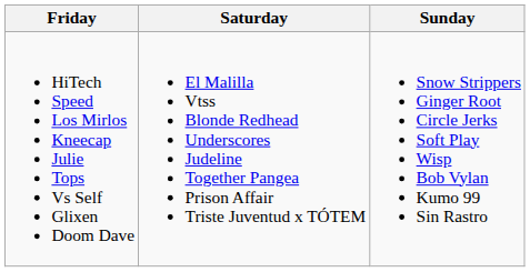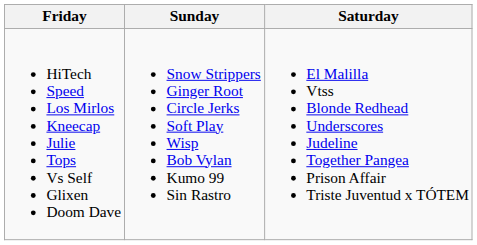 <table class="wikitable">
 <tr>
 <th>Friday</th>
+<th>Sunday</th>
 <th>Saturday</th>
-<th>Sunday</th>
 </tr>
 <tr valign="top">
 <td><br><ul><li>HiTech</li><li><a href='#'>Speed</a></li><li><a href='#'>Los Mirlos</a></li><li><a href='#'>Kneecap</a></li><li><a href='#'>Julie</a></li><li><a href='#'>Tops</a></li><li>Vs Self</li><li>Glixen</li><li>Doom Dave</li></ul></td>
+<td><br><ul><li><a href='#'>Snow Strippers</a></li><li><a href='#'>Ginger Root</a></li><li><a href='#'>Circle Jerks</a></li><li><a href='#'>Soft Play</a></li><li><a href='#'>Wisp</a></li><li><a href='#'>Bob Vylan</a></li><li>Kumo 99</li><li>Sin Rastro</li></ul></td>
 <td><br><ul><li><a href='#'>El Malilla</a></li><li>Vtss</li><li><a href='#'>Blonde Redhead</a></li><li><a href='#'>Underscores</a></li><li><a href='#'>Judeline</a></li><li><a href='#'>Together Pangea</a></li><li>Prison Affair</li><li>Triste Juventud x TÓTEM</li></ul></td>
-<td><br><ul><li><a href='#'>Snow Strippers</a></li><li><a href='#'>Ginger Root</a></li><li><a href='#'>Circle Jerks</a></li><li><a href='#'>Soft Play</a></li><li><a href='#'>Wisp</a></li><li><a href='#'>Bob Vylan</a></li><li>Kumo 99</li><li>Sin Rastro</li></ul></td>
 </tr>
 </table>
